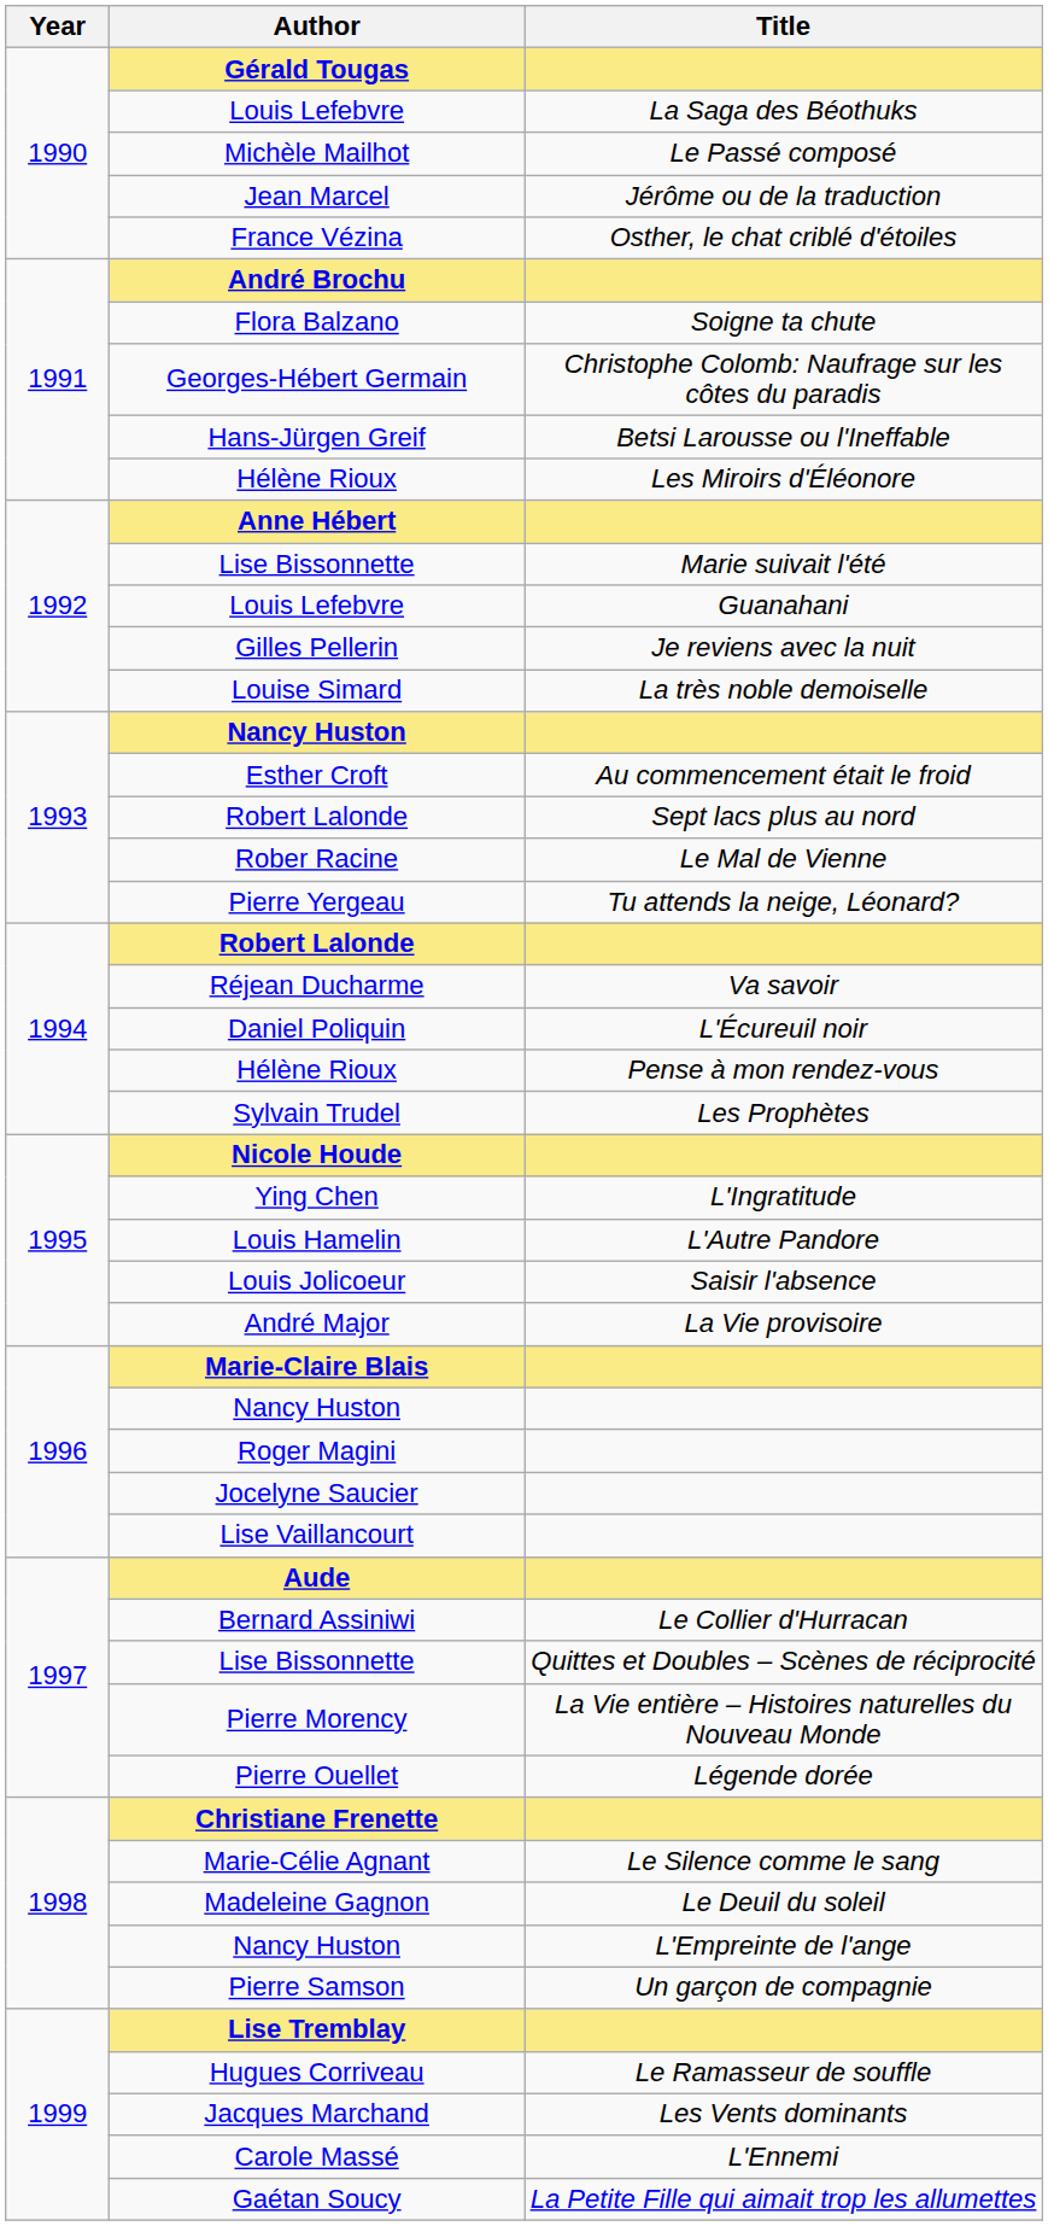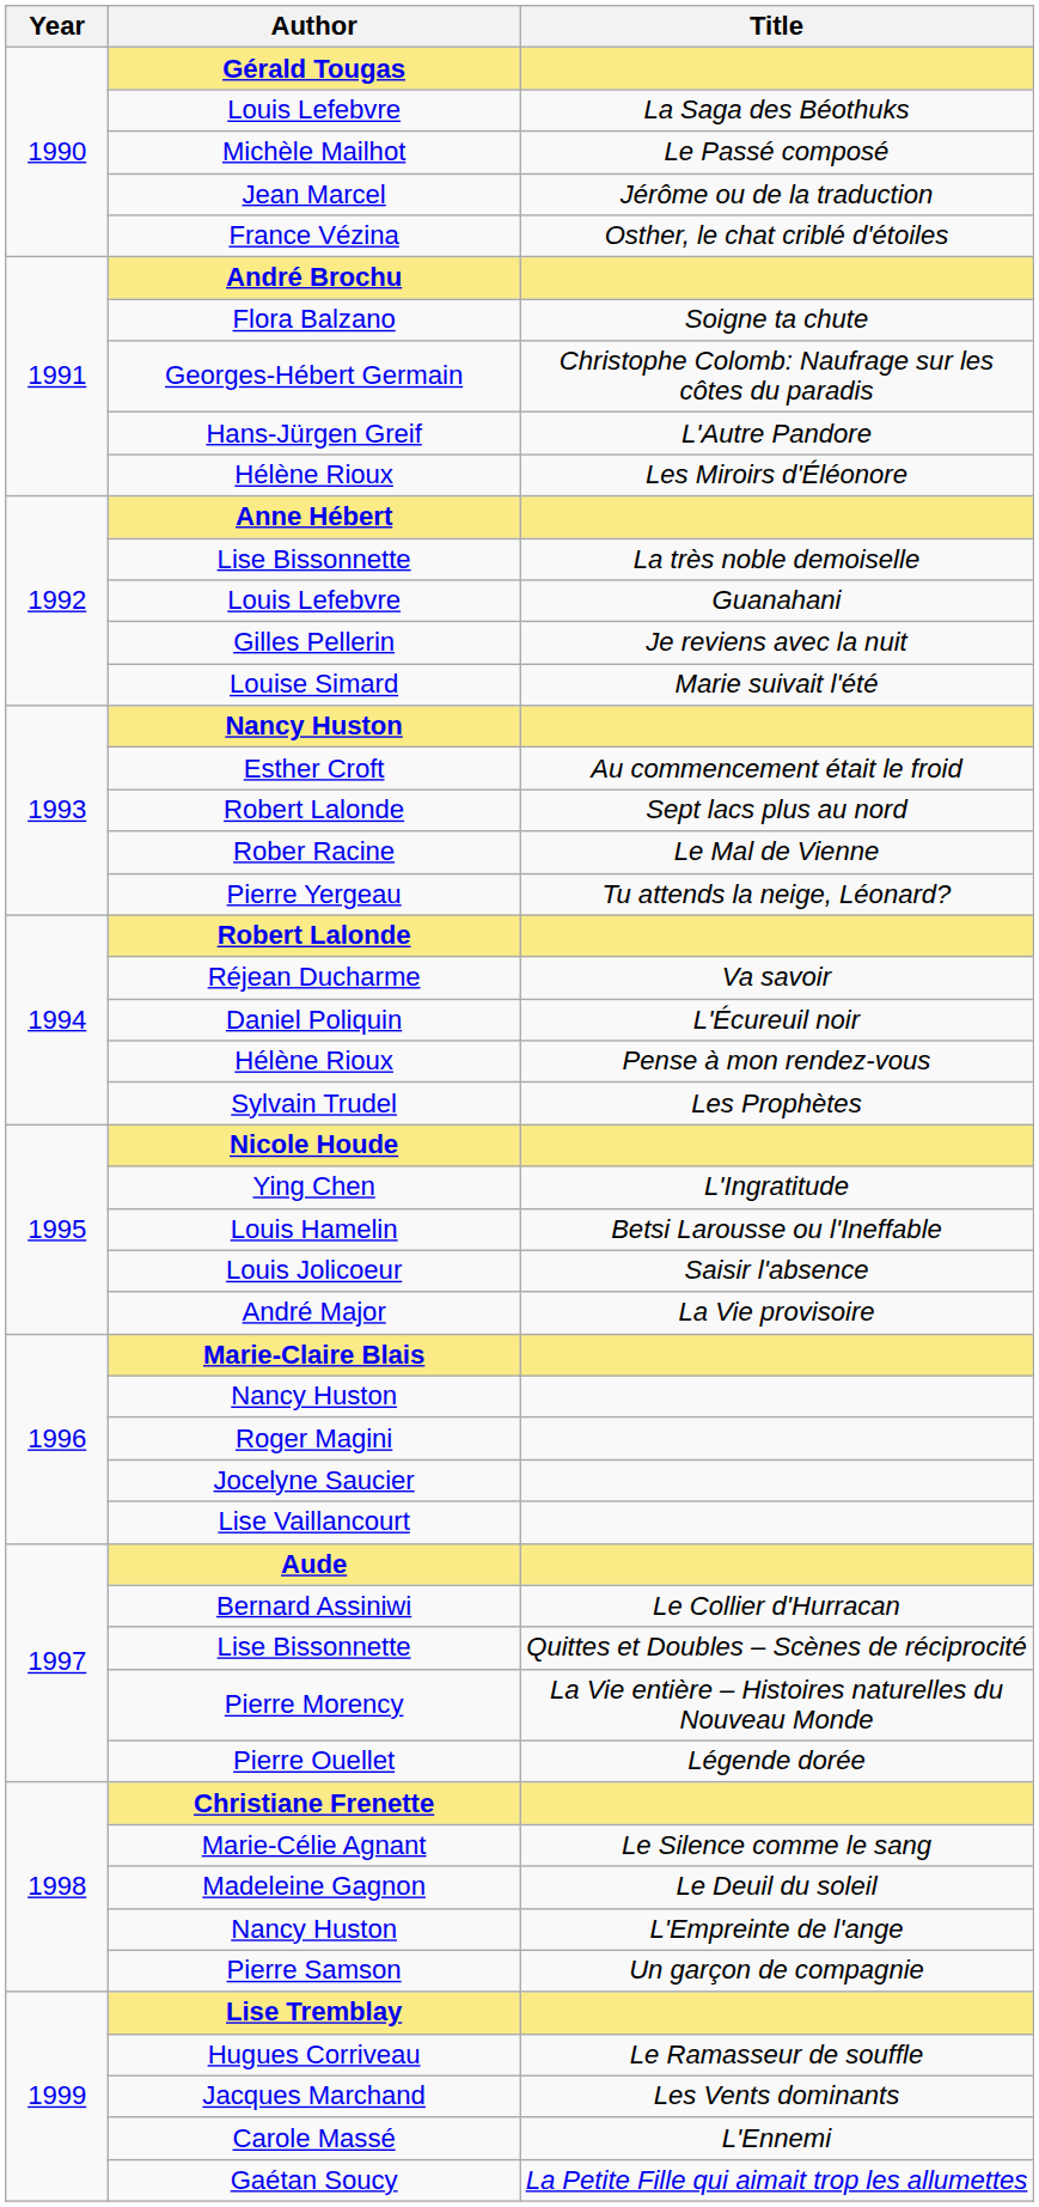 <table class="wikitable" width="100%">
 <tr>
 <th>Year</th>
 <th width="40%">Author</th>
 <th width="50%">Title</th>
 </tr>
 <tr>
 <td align="center" rowspan="5"><a href='#'>1990</a></td>
 <td align="center" style="background:#FAEB86"><strong><a href='#'>Gérald Tougas</a></strong></td>
 <td align="center" style="background:#FAEB86"><strong><em></em></strong></td>
 </tr>
 <tr>
 <td align="center"><a href='#'>Louis Lefebvre</a></td>
 <td align="center"><em>La Saga des Béothuks</em></td>
 </tr>
 <tr>
 <td align="center"><a href='#'>Michèle Mailhot</a></td>
 <td align="center"><em>Le Passé composé</em></td>
 </tr>
 <tr>
 <td align="center"><a href='#'>Jean Marcel</a></td>
 <td align="center"><em>Jérôme ou de la traduction</em></td>
 </tr>
 <tr>
 <td align="center"><a href='#'>France Vézina</a></td>
 <td align="center"><em>Osther, le chat criblé d'étoiles</em></td>
 </tr>
 <tr>
 <td align="center" rowspan="5"><a href='#'>1991</a></td>
 <td align="center" style="background:#FAEB86"><strong><a href='#'>André Brochu</a></strong></td>
 <td align="center" style="background:#FAEB86"><strong><em></em></strong></td>
 </tr>
 <tr>
 <td align="center"><a href='#'>Flora Balzano</a></td>
 <td align="center"><em>Soigne ta chute</em></td>
 </tr>
 <tr>
 <td align="center"><a href='#'>Georges-Hébert Germain</a></td>
 <td align="center"><em>Christophe Colomb: Naufrage sur les côtes du paradis</em></td>
 </tr>
 <tr>
 <td align="center"><a href='#'>Hans-Jürgen Greif</a></td>
-<td align="center"><em>Betsi Larousse ou l'Ineffable</em></td>
+<td align="center"><em>L'Autre Pandore</em></td>
 </tr>
 <tr>
 <td align="center"><a href='#'>Hélène Rioux</a></td>
 <td align="center"><em>Les Miroirs d'Éléonore</em></td>
 </tr>
 <tr>
 <td align="center" rowspan="5"><a href='#'>1992</a></td>
 <td align="center" style="background:#FAEB86"><strong><a href='#'>Anne Hébert</a></strong></td>
 <td align="center" style="background:#FAEB86"><strong><em></em></strong></td>
 </tr>
 <tr>
 <td align="center"><a href='#'>Lise Bissonnette</a></td>
-<td align="center"><em>Marie suivait l'été</em></td>
+<td align="center"><em>La très noble demoiselle</em></td>
 </tr>
 <tr>
 <td align="center"><a href='#'>Louis Lefebvre</a></td>
 <td align="center"><em>Guanahani</em></td>
 </tr>
 <tr>
 <td align="center"><a href='#'>Gilles Pellerin</a></td>
 <td align="center"><em>Je reviens avec la nuit</em></td>
 </tr>
 <tr>
 <td align="center"><a href='#'>Louise Simard</a></td>
-<td align="center"><em>La très noble demoiselle</em></td>
+<td align="center"><em>Marie suivait l'été</em></td>
 </tr>
 <tr>
 <td align="center" rowspan="5"><a href='#'>1993</a></td>
 <td align="center" style="background:#FAEB86"><strong><a href='#'>Nancy Huston</a></strong></td>
 <td align="center" style="background:#FAEB86"><strong><em></em></strong></td>
 </tr>
 <tr>
 <td align="center"><a href='#'>Esther Croft</a></td>
 <td align="center"><em>Au commencement était le froid</em></td>
 </tr>
 <tr>
 <td align="center"><a href='#'>Robert Lalonde</a></td>
 <td align="center"><em>Sept lacs plus au nord</em></td>
 </tr>
 <tr>
 <td align="center"><a href='#'>Rober Racine</a></td>
 <td align="center"><em>Le Mal de Vienne</em></td>
 </tr>
 <tr>
 <td align="center"><a href='#'>Pierre Yergeau</a></td>
 <td align="center"><em>Tu attends la neige, Léonard?</em></td>
 </tr>
 <tr>
 <td align="center" rowspan="5"><a href='#'>1994</a></td>
 <td align="center" style="background:#FAEB86"><strong><a href='#'>Robert Lalonde</a></strong></td>
 <td align="center" style="background:#FAEB86"><strong><em></em></strong></td>
 </tr>
 <tr>
 <td align="center"><a href='#'>Réjean Ducharme</a></td>
 <td align="center"><em>Va savoir</em></td>
 </tr>
 <tr>
 <td align="center"><a href='#'>Daniel Poliquin</a></td>
 <td align="center"><em>L'Écureuil noir</em></td>
 </tr>
 <tr>
 <td align="center"><a href='#'>Hélène Rioux</a></td>
 <td align="center"><em>Pense à mon rendez-vous</em></td>
 </tr>
 <tr>
 <td align="center"><a href='#'>Sylvain Trudel</a></td>
 <td align="center"><em>Les Prophètes</em></td>
 </tr>
 <tr>
 <td align="center" rowspan="5"><a href='#'>1995</a></td>
 <td align="center" style="background:#FAEB86"><strong><a href='#'>Nicole Houde</a></strong></td>
 <td align="center" style="background:#FAEB86"><strong><em></em></strong></td>
 </tr>
 <tr>
 <td align="center"><a href='#'>Ying Chen</a></td>
 <td align="center"><em>L'Ingratitude</em></td>
 </tr>
 <tr>
 <td align="center"><a href='#'>Louis Hamelin</a></td>
-<td align="center"><em>L'Autre Pandore</em></td>
+<td align="center"><em>Betsi Larousse ou l'Ineffable</em></td>
 </tr>
 <tr>
 <td align="center"><a href='#'>Louis Jolicoeur</a></td>
 <td align="center"><em>Saisir l'absence</em></td>
 </tr>
 <tr>
 <td align="center"><a href='#'>André Major</a></td>
 <td align="center"><em>La Vie provisoire</em></td>
 </tr>
 <tr>
 <td align="center" rowspan="5"><a href='#'>1996</a></td>
 <td align="center" style="background:#FAEB86"><strong><a href='#'>Marie-Claire Blais</a></strong></td>
 <td align="center" style="background:#FAEB86"><strong><em></em></strong></td>
 </tr>
 <tr>
 <td align="center"><a href='#'>Nancy Huston</a></td>
 <td align="center"><em></em></td>
 </tr>
 <tr>
 <td align="center"><a href='#'>Roger Magini</a></td>
 <td align="center"><em></em></td>
 </tr>
 <tr>
 <td align="center"><a href='#'>Jocelyne Saucier</a></td>
 <td align="center"><em></em></td>
 </tr>
 <tr>
 <td align="center"><a href='#'>Lise Vaillancourt</a></td>
 <td align="center"><em></em></td>
 </tr>
 <tr>
 <td align="center" rowspan="5"><a href='#'>1997</a></td>
 <td align="center" style="background:#FAEB86"><strong><a href='#'>Aude</a></strong></td>
 <td align="center" style="background:#FAEB86"><strong><em></em></strong></td>
 </tr>
 <tr>
 <td align="center"><a href='#'>Bernard Assiniwi</a></td>
 <td align="center"><em>Le Collier d'Hurracan</em></td>
 </tr>
 <tr>
 <td align="center"><a href='#'>Lise Bissonnette</a></td>
 <td align="center"><em>Quittes et Doubles – Scènes de réciprocité</em></td>
 </tr>
 <tr>
 <td align="center"><a href='#'>Pierre Morency</a></td>
 <td align="center"><em>La Vie entière – Histoires naturelles du Nouveau Monde</em></td>
 </tr>
 <tr>
 <td align="center"><a href='#'>Pierre Ouellet</a></td>
 <td align="center"><em>Légende dorée</em></td>
 </tr>
 <tr>
 <td align="center" rowspan="5"><a href='#'>1998</a></td>
 <td align="center" style="background:#FAEB86"><strong><a href='#'>Christiane Frenette</a></strong></td>
 <td align="center" style="background:#FAEB86"><strong><em></em></strong></td>
 </tr>
 <tr>
 <td align="center"><a href='#'>Marie-Célie Agnant</a></td>
 <td align="center"><em>Le Silence comme le sang</em></td>
 </tr>
 <tr>
 <td align="center"><a href='#'>Madeleine Gagnon</a></td>
 <td align="center"><em>Le Deuil du soleil</em></td>
 </tr>
 <tr>
 <td align="center"><a href='#'>Nancy Huston</a></td>
 <td align="center"><em>L'Empreinte de l'ange</em></td>
 </tr>
 <tr>
 <td align="center"><a href='#'>Pierre Samson</a></td>
 <td align="center"><em>Un garçon de compagnie</em></td>
 </tr>
 <tr>
 <td align="center" rowspan="5"><a href='#'>1999</a></td>
 <td align="center" style="background:#FAEB86"><strong><a href='#'>Lise Tremblay</a></strong></td>
 <td align="center" style="background:#FAEB86"><strong><em></em></strong></td>
 </tr>
 <tr>
 <td align="center"><a href='#'>Hugues Corriveau</a></td>
 <td align="center"><em>Le Ramasseur de souffle</em></td>
 </tr>
 <tr>
 <td align="center"><a href='#'>Jacques Marchand</a></td>
 <td align="center"><em>Les Vents dominants</em></td>
 </tr>
 <tr>
 <td align="center"><a href='#'>Carole Massé</a></td>
 <td align="center"><em>L'Ennemi</em></td>
 </tr>
 <tr>
 <td align="center"><a href='#'>Gaétan Soucy</a></td>
 <td align="center"><em><a href='#'>La Petite Fille qui aimait trop les allumettes</a></em></td>
 </tr>
 </table>
